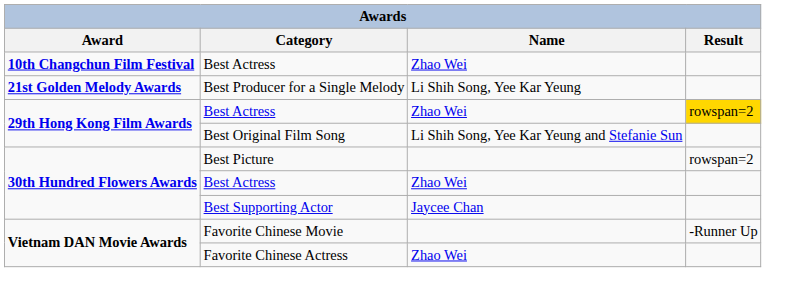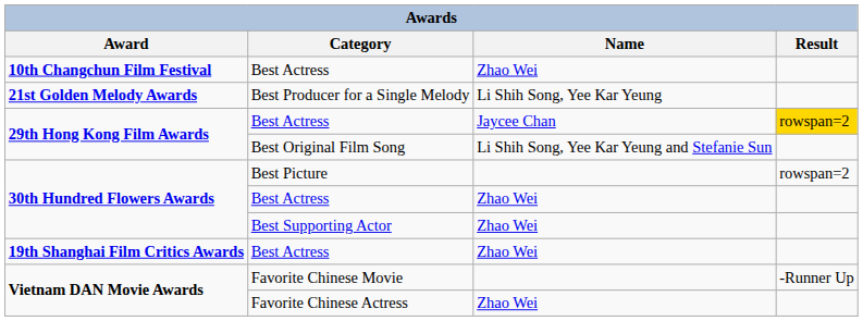 <table class="wikitable" style="font-size: 95%;">
 <tr>
 <th colspan="4" style="background:LightSteelBlue;">Awards</th>
 </tr>
 <tr>
 <th>Award</th>
 <th>Category</th>
 <th>Name</th>
 <th>Result</th>
 </tr>
 <tr>
 <td><strong><a href='#'>10th Changchun Film Festival</a></strong></td>
 <td>Best Actress</td>
 <td><a href='#'>Zhao Wei</a></td>
 <td></td>
 </tr>
 <tr>
 <td><strong><a href='#'>21st Golden Melody Awards</a></strong></td>
 <td>Best Producer for a Single Melody</td>
 <td>Li Shih Song, Yee Kar Yeung</td>
 <td></td>
 </tr>
 <tr>
 <td rowspan=2><strong><a href='#'>29th Hong Kong Film Awards</a></strong></td>
 <td><a href='#'>Best Actress</a></td>
-<td><a href='#'>Zhao Wei</a></td>
+<td><a href='#'>Jaycee Chan</a></td>
 <td style="background: gold;">rowspan=2 </td>
 </tr>
 <tr>
 <td>Best Original Film Song</td>
 <td>Li Shih Song, Yee Kar Yeung and <a href='#'>Stefanie Sun</a></td>
 </tr>
 <tr>
 <td rowspan=3><strong><a href='#'>30th Hundred Flowers Awards</a></strong></td>
 <td>Best Picture</td>
 <td></td>
 <td>rowspan=2 </td>
 </tr>
 <tr>
 <td><a href='#'>Best Actress</a></td>
 <td><a href='#'>Zhao Wei</a></td>
 <td></td>
 </tr>
 <tr>
 <td><a href='#'>Best Supporting Actor</a></td>
-<td><a href='#'>Jaycee Chan</a></td>
+<td><a href='#'>Zhao Wei</a></td>
+<td></td>
+</tr>
+<tr>
+<td><strong><a href='#'>19th Shanghai Film Critics Awards</a></strong></td>
+<td><a href='#'>Best Actress</a></td>
+<td><a href='#'>Zhao Wei</a></td>
 <td></td>
 </tr>
 <tr>
 <td rowspan=2><strong>Vietnam DAN Movie Awards</strong></td>
 <td>Favorite Chinese Movie</td>
 <td></td>
 <td>-Runner Up</td>
 </tr>
 <tr>
 <td>Favorite Chinese Actress</td>
 <td><a href='#'>Zhao Wei</a></td>
 </tr>
 </table>
